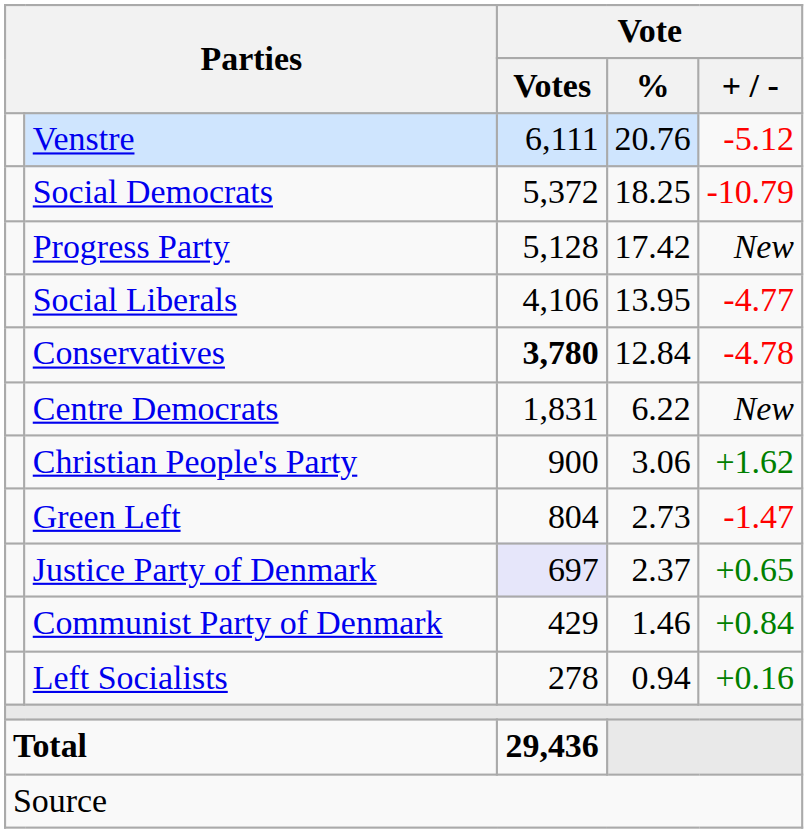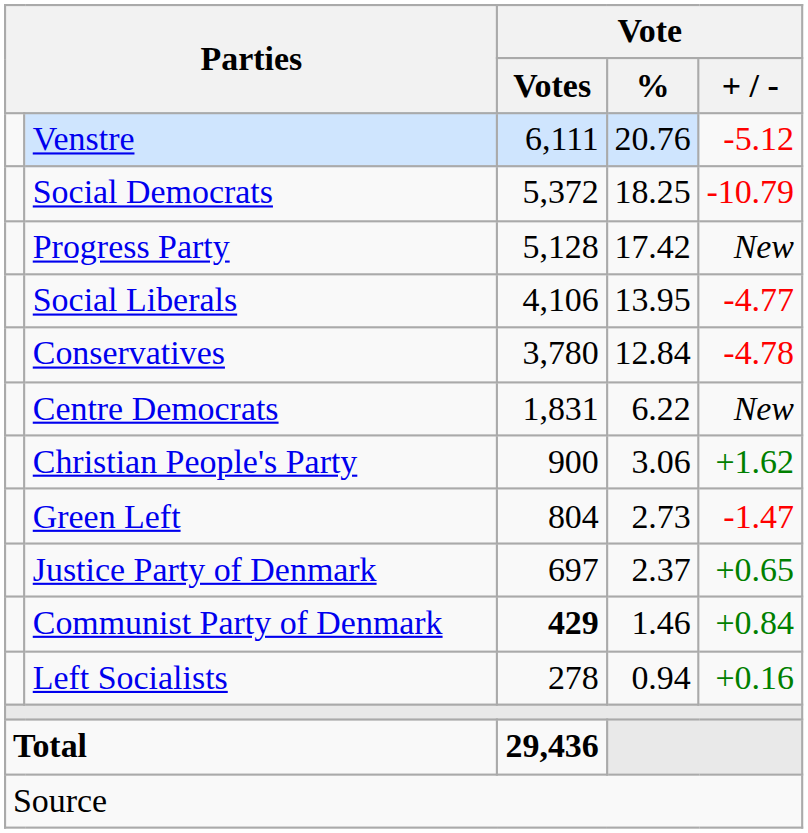 <table class="wikitable" style="text-align:right;">
 <tr>
 <th style="text-align:centre;" rowspan="2" colspan="2" width="225">Parties</th>
 <th colspan="3">Vote</th>
 </tr>
 <tr>
 <th width="15">Votes</th>
 <th width="15">%</th>
 <th width="15">+ / -</th>
 </tr>
 <tr>
 <td width="2" style="color:inherit;background:"></td>
 <td bgcolor=#cfe5fe  align="left"><a href='#'>Venstre</a></td>
 <td bgcolor=#cfe5fe>6,111</td>
 <td bgcolor=#cfe5fe>20.76</td>
 <td style=color:red;>-5.12</td>
 </tr>
 <tr>
 <td width="2" style="color:inherit;background:"></td>
 <td align="left"><a href='#'>Social Democrats</a></td>
 <td>5,372</td>
 <td>18.25</td>
 <td style=color:red;>-10.79</td>
 </tr>
 <tr>
 <td width="2" style="color:inherit;background:"></td>
 <td align="left"><a href='#'>Progress Party</a></td>
 <td>5,128</td>
 <td>17.42</td>
 <td><em>New</em></td>
 </tr>
 <tr>
 <td width="2" style="color:inherit;background:"></td>
 <td align="left"><a href='#'>Social Liberals</a></td>
 <td>4,106</td>
 <td>13.95</td>
 <td style=color:red;>-4.77</td>
 </tr>
 <tr>
 <td width="2" style="color:inherit;background:"></td>
 <td align="left"><a href='#'>Conservatives</a></td>
-<td><strong>3,780</strong></td>
+<td>3,780</td>
 <td>12.84</td>
 <td style=color:red;>-4.78</td>
 </tr>
 <tr>
 <td width="2" style="color:inherit;background:"></td>
 <td align="left"><a href='#'>Centre Democrats</a></td>
 <td>1,831</td>
 <td>6.22</td>
 <td><em>New</em></td>
 </tr>
 <tr>
 <td width="2" style="color:inherit;background:"></td>
 <td align="left"><a href='#'>Christian People's Party</a></td>
 <td>900</td>
 <td>3.06</td>
 <td style=color:green;>+1.62</td>
 </tr>
 <tr>
 <td width="2" style="color:inherit;background:"></td>
 <td align="left"><a href='#'>Green Left</a></td>
 <td>804</td>
 <td>2.73</td>
 <td style=color:red;>-1.47</td>
 </tr>
 <tr>
 <td width="2" style="color:inherit;background:"></td>
 <td align="left"><a href='#'>Justice Party of Denmark</a></td>
-<td style="background: lavender;">697</td>
+<td>697</td>
 <td>2.37</td>
 <td style=color:green;>+0.65</td>
 </tr>
 <tr>
 <td width="2" style="color:inherit;background:"></td>
 <td align="left"><a href='#'>Communist Party of Denmark</a></td>
-<td>429</td>
+<td><strong>429</strong></td>
 <td>1.46</td>
 <td style=color:green;>+0.84</td>
 </tr>
 <tr>
 <td width="2" style="color:inherit;background:"></td>
 <td align="left"><a href='#'>Left Socialists</a></td>
 <td>278</td>
 <td>0.94</td>
 <td style=color:green;>+0.16</td>
 </tr>
 <tr>
 <td colspan="7" bgcolor="#E9E9E9"></td>
 </tr>
 <tr>
 <td align="left" colspan="2"><strong>Total</strong></td>
 <td><strong>29,436</strong></td>
 <td bgcolor="#E9E9E9" colspan="2"></td>
 </tr>
 <tr>
 <td align="left" colspan="6">Source</td>
 </tr>
 </table>
